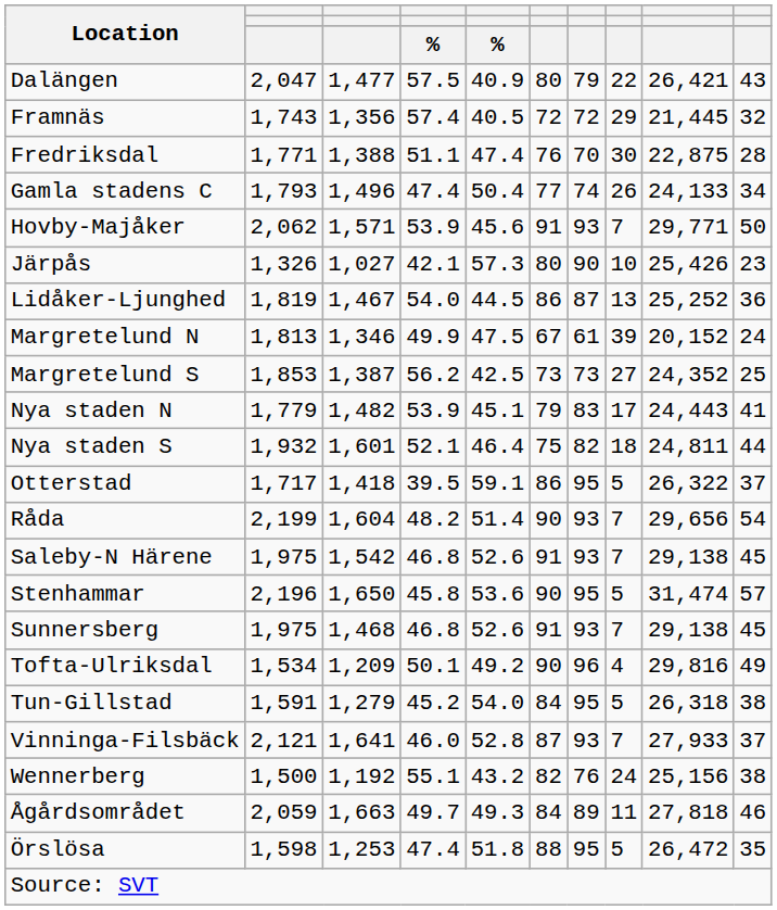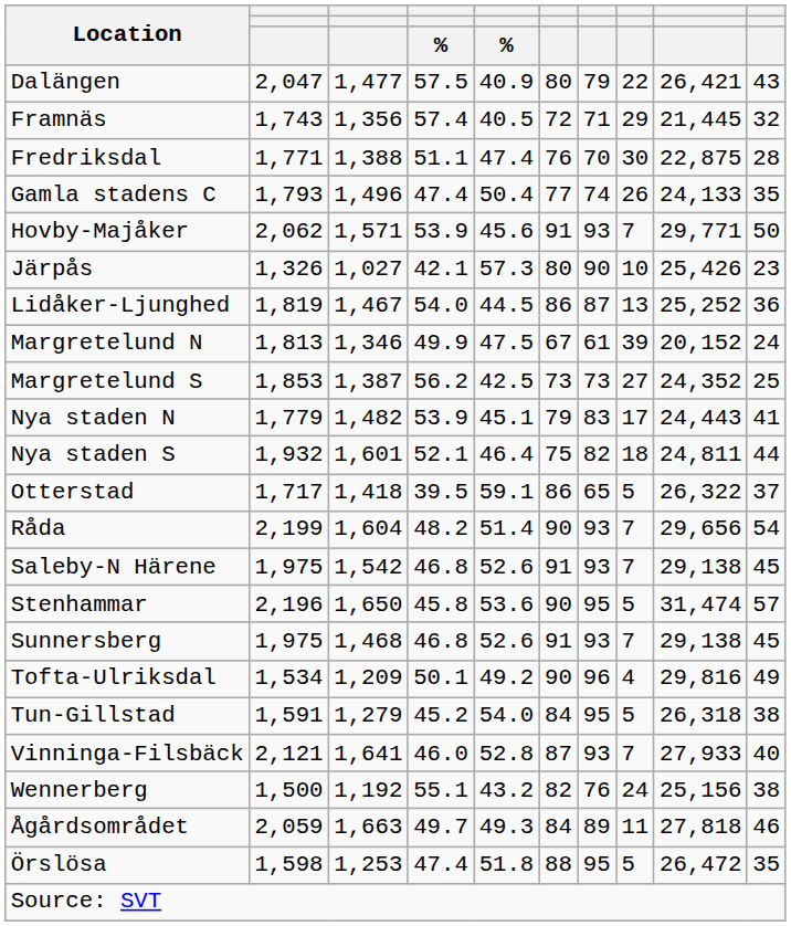 <table role="presentation" class="wikitable sortable mw-collapsible mw-collapsed">
 <tr>
 <th rowspan="3">Location</th>
 <th></th>
 <th></th>
 <th></th>
 <th></th>
 <th></th>
 <th></th>
 <th></th>
 <th></th>
 <th></th>
 </tr>
 <tr>
 <th></th>
 <th></th>
 <th style="background:"></th>
 <th style="background:"></th>
 <th></th>
 <th></th>
 <th></th>
 <th></th>
 <th></th>
 </tr>
 <tr>
 <th data-sort-type="number"></th>
 <th data-sort-type="number"></th>
 <th data-sort-type="number">%</th>
 <th data-sort-type="number">%</th>
 <th data-sort-type="number"></th>
 <th data-sort-type="number"></th>
 <th data-sort-type="number"></th>
 <th data-sort-type="number"></th>
 <th data-sort-type="number"></th>
 </tr>
 <tr>
 <td align="left">Dalängen</td>
 <td>2,047</td>
 <td>1,477</td>
 <td>57.5</td>
 <td>40.9</td>
 <td>80</td>
 <td>79</td>
 <td>22</td>
 <td>26,421</td>
 <td>43</td>
 </tr>
 <tr>
 <td align="left">Framnäs</td>
 <td>1,743</td>
 <td>1,356</td>
 <td>57.4</td>
 <td>40.5</td>
 <td>72</td>
-<td>72</td>
+<td>71</td>
 <td>29</td>
 <td>21,445</td>
 <td>32</td>
 </tr>
 <tr>
 <td align="left">Fredriksdal</td>
 <td>1,771</td>
 <td>1,388</td>
 <td>51.1</td>
 <td>47.4</td>
 <td>76</td>
 <td>70</td>
 <td>30</td>
 <td>22,875</td>
 <td>28</td>
 </tr>
 <tr>
 <td align="left">Gamla stadens C</td>
 <td>1,793</td>
 <td>1,496</td>
 <td>47.4</td>
 <td>50.4</td>
 <td>77</td>
 <td>74</td>
 <td>26</td>
 <td>24,133</td>
-<td>34</td>
+<td>35</td>
 </tr>
 <tr>
 <td align="left">Hovby-Majåker</td>
 <td>2,062</td>
 <td>1,571</td>
 <td>53.9</td>
 <td>45.6</td>
 <td>91</td>
 <td>93</td>
 <td>7</td>
 <td>29,771</td>
 <td>50</td>
 </tr>
 <tr>
 <td align="left">Järpås</td>
 <td>1,326</td>
 <td>1,027</td>
 <td>42.1</td>
 <td>57.3</td>
 <td>80</td>
 <td>90</td>
 <td>10</td>
 <td>25,426</td>
 <td>23</td>
 </tr>
 <tr>
 <td align="left">Lidåker-Ljunghed</td>
 <td>1,819</td>
 <td>1,467</td>
 <td>54.0</td>
 <td>44.5</td>
 <td>86</td>
 <td>87</td>
 <td>13</td>
 <td>25,252</td>
 <td>36</td>
 </tr>
 <tr>
 <td align="left">Margretelund N</td>
 <td>1,813</td>
 <td>1,346</td>
 <td>49.9</td>
 <td>47.5</td>
 <td>67</td>
 <td>61</td>
 <td>39</td>
 <td>20,152</td>
 <td>24</td>
 </tr>
 <tr>
 <td align="left">Margretelund S</td>
 <td>1,853</td>
 <td>1,387</td>
 <td>56.2</td>
 <td>42.5</td>
 <td>73</td>
 <td>73</td>
 <td>27</td>
 <td>24,352</td>
 <td>25</td>
 </tr>
 <tr>
 <td align="left">Nya staden N</td>
 <td>1,779</td>
 <td>1,482</td>
 <td>53.9</td>
 <td>45.1</td>
 <td>79</td>
 <td>83</td>
 <td>17</td>
 <td>24,443</td>
 <td>41</td>
 </tr>
 <tr>
 <td align="left">Nya staden S</td>
 <td>1,932</td>
 <td>1,601</td>
 <td>52.1</td>
 <td>46.4</td>
 <td>75</td>
 <td>82</td>
 <td>18</td>
 <td>24,811</td>
 <td>44</td>
 </tr>
 <tr>
 <td align="left">Otterstad</td>
 <td>1,717</td>
 <td>1,418</td>
 <td>39.5</td>
 <td>59.1</td>
 <td>86</td>
-<td>95</td>
+<td>65</td>
 <td>5</td>
 <td>26,322</td>
 <td>37</td>
 </tr>
 <tr>
 <td align="left">Råda</td>
 <td>2,199</td>
 <td>1,604</td>
 <td>48.2</td>
 <td>51.4</td>
 <td>90</td>
 <td>93</td>
 <td>7</td>
 <td>29,656</td>
 <td>54</td>
 </tr>
 <tr>
 <td align="left">Saleby-N Härene</td>
 <td>1,975</td>
 <td>1,542</td>
 <td>46.8</td>
 <td>52.6</td>
 <td>91</td>
 <td>93</td>
 <td>7</td>
 <td>29,138</td>
 <td>45</td>
 </tr>
 <tr>
 <td align="left">Stenhammar</td>
 <td>2,196</td>
 <td>1,650</td>
 <td>45.8</td>
 <td>53.6</td>
 <td>90</td>
 <td>95</td>
 <td>5</td>
 <td>31,474</td>
 <td>57</td>
 </tr>
 <tr>
 <td align="left">Sunnersberg</td>
 <td>1,975</td>
 <td>1,468</td>
 <td>46.8</td>
 <td>52.6</td>
 <td>91</td>
 <td>93</td>
 <td>7</td>
 <td>29,138</td>
 <td>45</td>
 </tr>
 <tr>
 <td align="left">Tofta-Ulriksdal</td>
 <td>1,534</td>
 <td>1,209</td>
 <td>50.1</td>
 <td>49.2</td>
 <td>90</td>
 <td>96</td>
 <td>4</td>
 <td>29,816</td>
 <td>49</td>
 </tr>
 <tr>
 <td align="left">Tun-Gillstad</td>
 <td>1,591</td>
 <td>1,279</td>
 <td>45.2</td>
 <td>54.0</td>
 <td>84</td>
 <td>95</td>
 <td>5</td>
 <td>26,318</td>
 <td>38</td>
 </tr>
 <tr>
 <td align="left">Vinninga-Filsbäck</td>
 <td>2,121</td>
 <td>1,641</td>
 <td>46.0</td>
 <td>52.8</td>
 <td>87</td>
 <td>93</td>
 <td>7</td>
 <td>27,933</td>
-<td>37</td>
+<td>40</td>
 </tr>
 <tr>
 <td align="left">Wennerberg</td>
 <td>1,500</td>
 <td>1,192</td>
 <td>55.1</td>
 <td>43.2</td>
 <td>82</td>
 <td>76</td>
 <td>24</td>
 <td>25,156</td>
 <td>38</td>
 </tr>
 <tr>
 <td align="left">Ågårdsområdet</td>
 <td>2,059</td>
 <td>1,663</td>
 <td>49.7</td>
 <td>49.3</td>
 <td>84</td>
 <td>89</td>
 <td>11</td>
 <td>27,818</td>
 <td>46</td>
 </tr>
 <tr>
 <td align="left">Örslösa</td>
 <td>1,598</td>
 <td>1,253</td>
 <td>47.4</td>
 <td>51.8</td>
 <td>88</td>
 <td>95</td>
 <td>5</td>
 <td>26,472</td>
 <td>35</td>
 </tr>
 <tr>
 <td colspan="10" align="left">Source: <a href='#'>SVT</a></td>
 </tr>
 </table>
